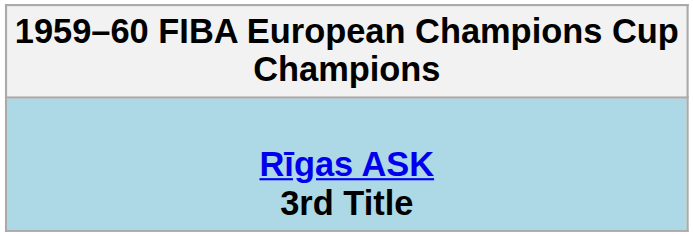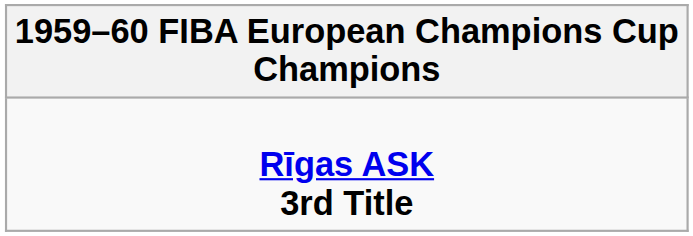 <table class=wikitable style="text-align:center; margin:auto">
 <tr>
 <th>1959–60 FIBA European Champions Cup<br>Champions</th>
 </tr>
 <tr>
-<td style="background: lightblue;"> <br> <strong><a href='#'>Rīgas ASK</a></strong> <br> <strong>3rd Title</strong></td>
+<td> <br> <strong><a href='#'>Rīgas ASK</a></strong> <br> <strong>3rd Title</strong></td>
 </tr>
 </table>
